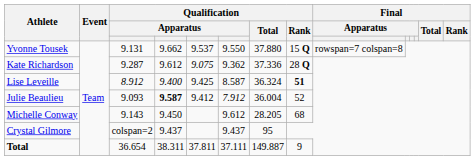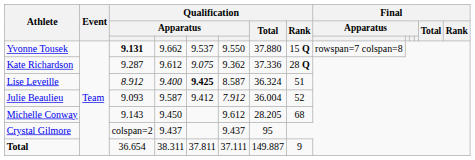 <table class=wikitable style=font-size:90%;text-align:center>
 <tr>
 <th rowspan=3>Athlete</th>
 <th rowspan=3>Event</th>
 <th colspan=6>Qualification</th>
 <th colspan=6>Final</th>
 </tr>
 <tr style=font-size:95%>
 <th colspan=4>Apparatus</th>
 <th rowspan=2>Total</th>
 <th rowspan=2>Rank</th>
 <th colspan=4>Apparatus</th>
 <th rowspan=2>Total</th>
 <th rowspan=2>Rank</th>
 </tr>
 <tr style=font-size:95%>
 <th></th>
 <th></th>
 <th></th>
 <th></th>
 <th></th>
 <th></th>
 <th></th>
 <th></th>
 </tr>
 <tr>
 <td align=left><a href='#'>Yvonne Tousek</a></td>
 <td align=left rowspan=7><a href='#'>Team</a></td>
-<td>9.131</td>
+<td><strong>9.131</strong></td>
 <td>9.662</td>
 <td>9.537</td>
 <td>9.550</td>
 <td>37.880</td>
 <td>15  <strong>Q</strong></td>
 <td>rowspan=7 colspan=8 </td>
 </tr>
 <tr>
 <td align=left><a href='#'>Kate Richardson</a></td>
 <td>9.287</td>
 <td>9.612</td>
 <td><em>9.075</em></td>
 <td>9.362</td>
 <td>37.336</td>
 <td>28 <strong>Q</strong></td>
 </tr>
 <tr>
 <td align=left><a href='#'>Lise Leveille</a></td>
 <td><em>8.912</em></td>
 <td><em>9.400</em></td>
-<td>9.425</td>
+<td><strong>9.425</strong></td>
 <td>8.587</td>
 <td>36.324</td>
-<td><strong>51</strong></td>
+<td>51</td>
 </tr>
 <tr>
 <td align=left><a href='#'>Julie Beaulieu</a></td>
 <td>9.093</td>
-<td><strong>9.587</strong></td>
+<td>9.587</td>
 <td>9.412</td>
 <td><em>7.912</em></td>
 <td>36.004</td>
 <td>52</td>
 </tr>
 <tr>
 <td align=left><a href='#'>Michelle Conway</a></td>
 <td>9.143</td>
 <td>9.450</td>
 <td></td>
 <td>9.612</td>
 <td>28.205</td>
 <td>68</td>
 </tr>
 <tr>
 <td align=left><a href='#'>Crystal Gilmore</a></td>
 <td>colspan=2 </td>
 <td>9.437</td>
 <td></td>
 <td>9.437</td>
 <td>95</td>
 </tr>
 <tr>
 <td align=left><strong>Total</strong></td>
 <td>36.654</td>
 <td>38.311</td>
 <td>37.811</td>
 <td>37.111</td>
 <td>149.887</td>
 <td>9</td>
 </tr>
 </table>
